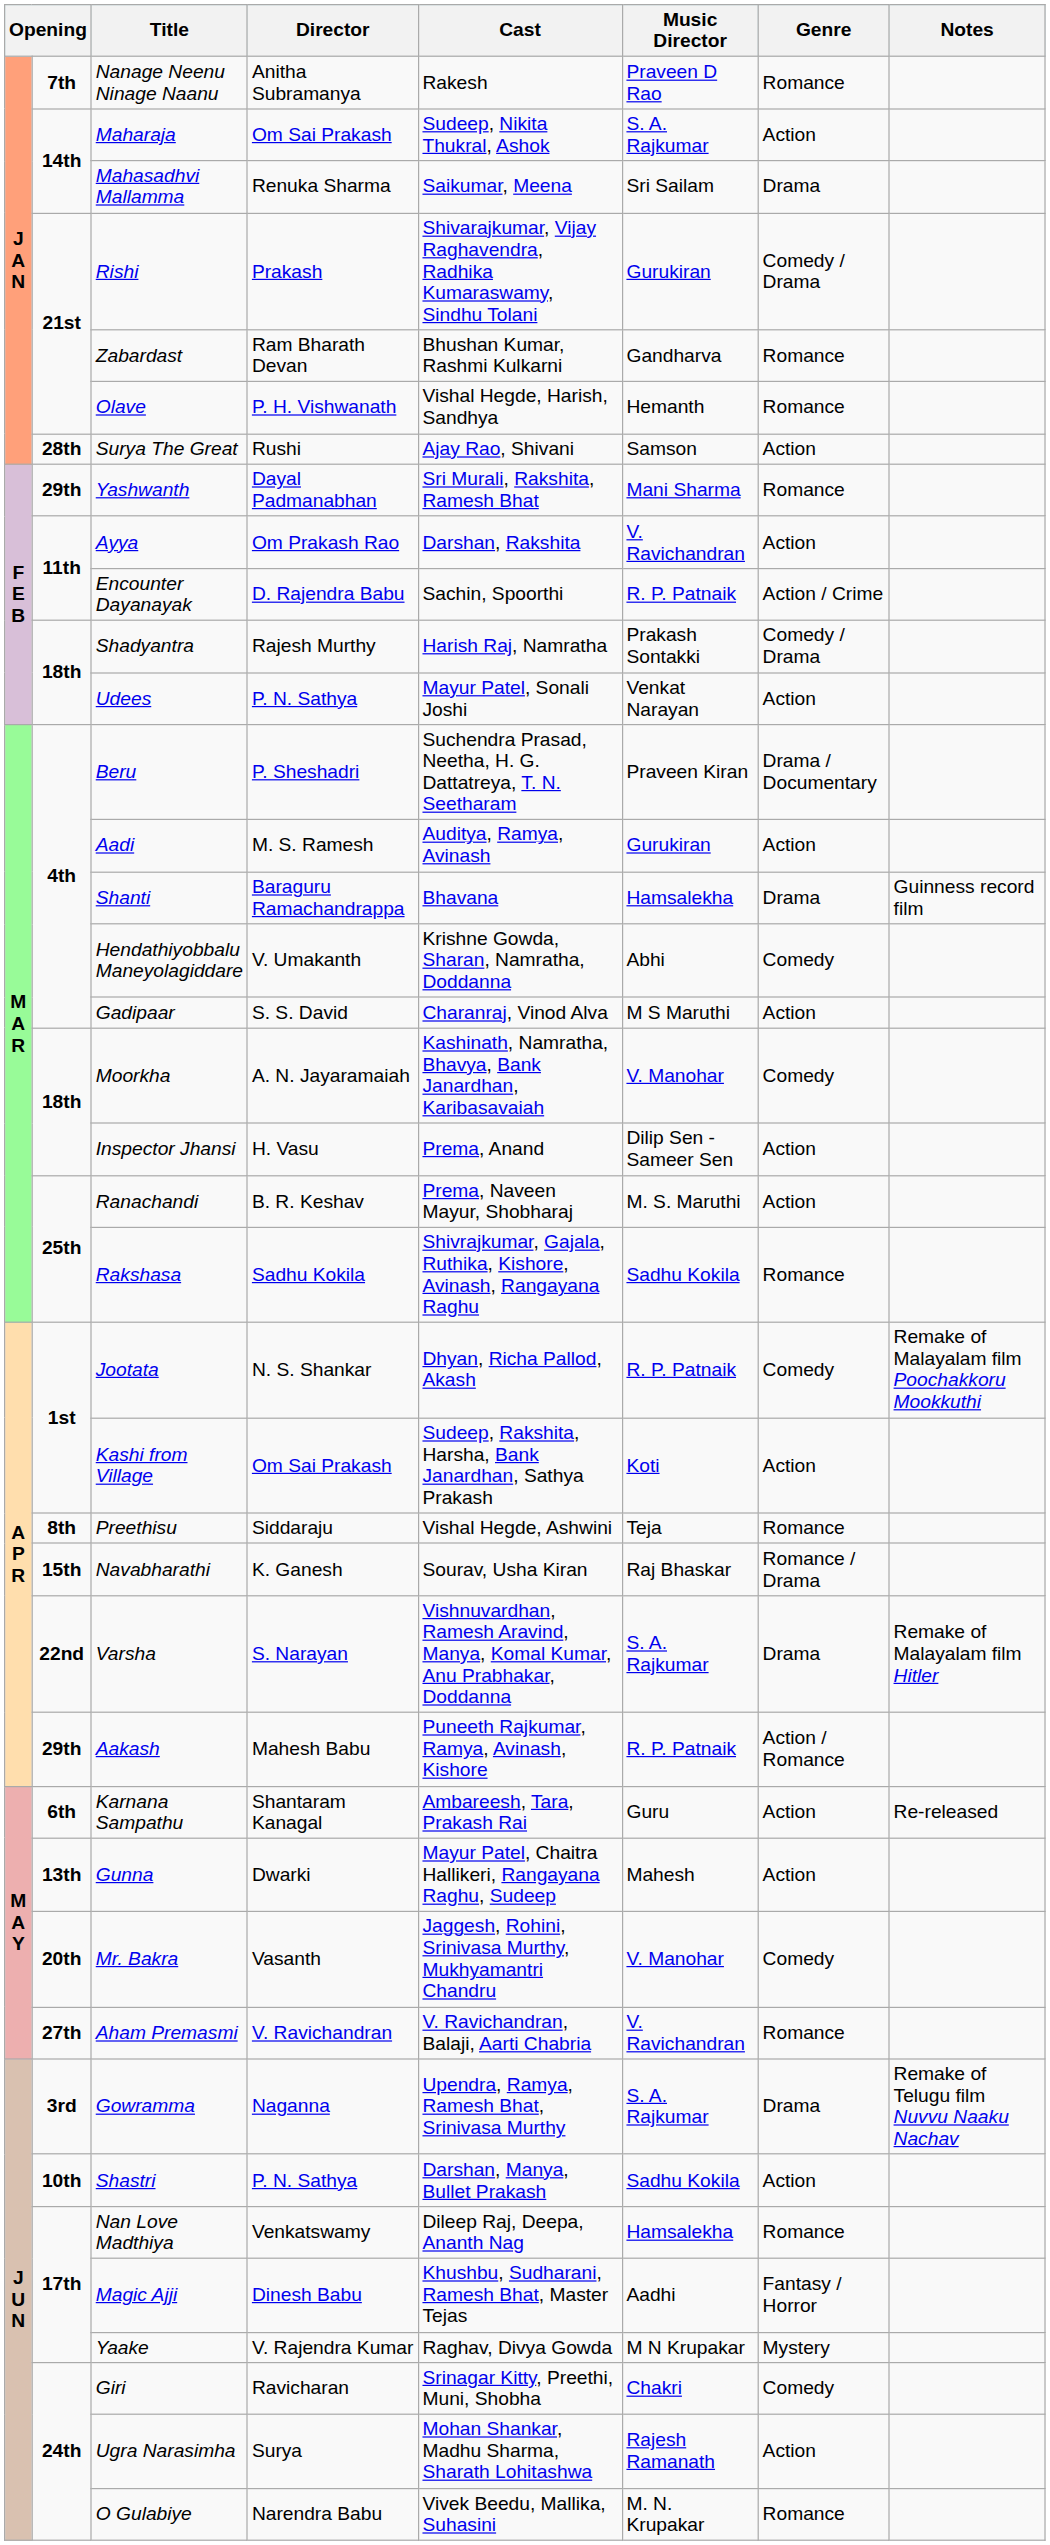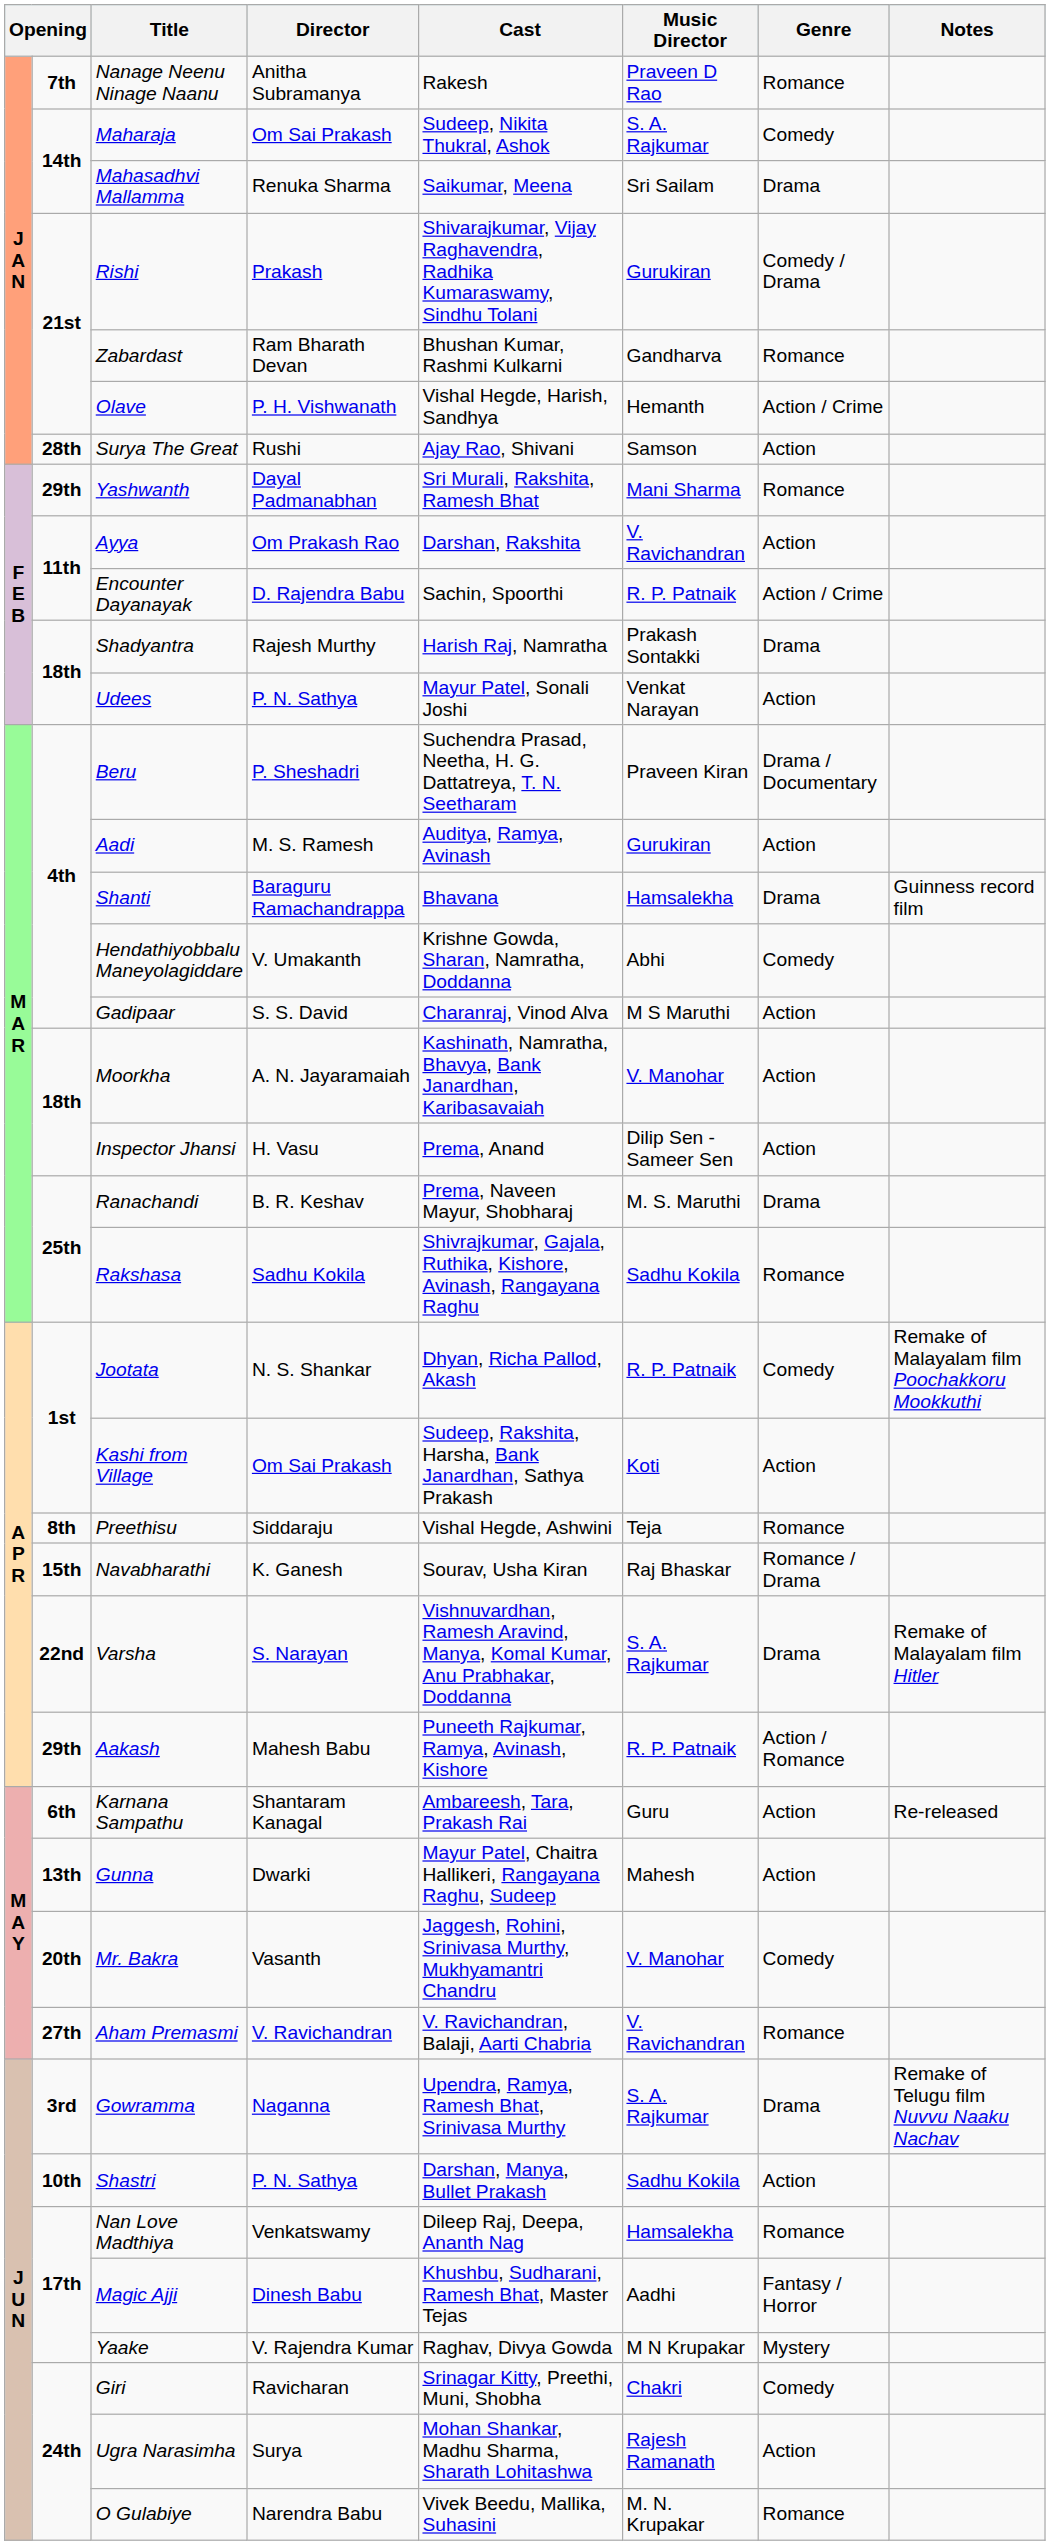 <table class="wikitable">
 <tr style="background:#b0e0e6; text-align:center;">
 <th colspan="2"><strong>Opening</strong></th>
 <th style="width:13%;"><strong>Title</strong></th>
 <th><strong>Director</strong></th>
 <th><strong>Cast</strong></th>
 <th><strong>Music Director</strong></th>
 <th><strong>Genre</strong></th>
 <th><strong>Notes</strong></th>
 </tr>
 <tr January!>
 <td rowspan="7"   style="text-align:center; background:#ffa07a; textcolor:#000;"><strong>J<br>A<br>N</strong></td>
 <td style="text-align:center;"><strong>7th</strong></td>
 <td><em>Nanage Neenu Ninage Naanu</em></td>
 <td>Anitha Subramanya</td>
 <td>Rakesh</td>
 <td><a href='#'>Praveen D Rao</a></td>
 <td>Romance</td>
 <td></td>
 </tr>
 <tr>
 <td rowspan="2" style="text-align:center;"><strong>14th</strong></td>
 <td><em><a href='#'>Maharaja</a></em></td>
 <td><a href='#'>Om Sai Prakash</a></td>
 <td><a href='#'>Sudeep</a>, <a href='#'>Nikita Thukral</a>, <a href='#'>Ashok</a></td>
 <td><a href='#'>S. A. Rajkumar</a></td>
-<td>Action</td>
+<td>Comedy</td>
 <td></td>
 </tr>
 <tr>
 <td><em><a href='#'>Mahasadhvi Mallamma</a></em></td>
 <td>Renuka Sharma</td>
 <td><a href='#'>Saikumar</a>, <a href='#'>Meena</a></td>
 <td>Sri Sailam</td>
 <td>Drama</td>
 <td></td>
 </tr>
 <tr>
 <td rowspan="3" style="text-align:center;"><strong>21st</strong></td>
 <td><em><a href='#'>Rishi</a></em></td>
 <td><a href='#'>Prakash</a></td>
 <td><a href='#'>Shivarajkumar</a>, <a href='#'>Vijay Raghavendra</a>, <a href='#'>Radhika Kumaraswamy</a>, <a href='#'>Sindhu Tolani</a></td>
 <td><a href='#'>Gurukiran</a></td>
 <td>Comedy / Drama</td>
 <td></td>
 </tr>
 <tr>
 <td><em>Zabardast</em></td>
 <td>Ram Bharath Devan</td>
 <td>Bhushan Kumar, Rashmi Kulkarni</td>
 <td>Gandharva</td>
 <td>Romance</td>
 <td></td>
 </tr>
 <tr>
 <td><em><a href='#'>Olave</a></em></td>
 <td><a href='#'>P. H. Vishwanath</a></td>
 <td>Vishal Hegde, Harish, Sandhya</td>
 <td>Hemanth</td>
-<td>Romance</td>
+<td>Action / Crime</td>
 <td></td>
 </tr>
 <tr>
 <td style="text-align:center;"><strong>28th</strong></td>
 <td><em>Surya The Great</em></td>
 <td>Rushi</td>
 <td><a href='#'>Ajay Rao</a>, Shivani</td>
 <td>Samson</td>
 <td>Action</td>
 <td></td>
 </tr>
 <tr February!>
 <td rowspan="5"   style="text-align:center; background:thistle; textcolor:#000;"><strong>F<br>E<br>B</strong></td>
 <td style="text-align:center;"><strong>29th</strong></td>
 <td><em><a href='#'>Yashwanth</a></em></td>
 <td><a href='#'>Dayal Padmanabhan</a></td>
 <td><a href='#'>Sri Murali</a>, <a href='#'>Rakshita</a>, <a href='#'>Ramesh Bhat</a></td>
 <td><a href='#'>Mani Sharma</a></td>
 <td>Romance</td>
 <td></td>
 </tr>
 <tr>
 <td rowspan="2" style="text-align:center;"><strong>11th</strong></td>
 <td><em><a href='#'>Ayya</a></em></td>
 <td><a href='#'>Om Prakash Rao</a></td>
 <td><a href='#'>Darshan</a>, <a href='#'>Rakshita</a></td>
 <td><a href='#'>V. Ravichandran</a></td>
 <td>Action</td>
 <td></td>
 </tr>
 <tr>
 <td><em>Encounter Dayanayak</em></td>
 <td><a href='#'>D. Rajendra Babu</a></td>
 <td>Sachin, Spoorthi</td>
 <td><a href='#'>R. P. Patnaik</a></td>
 <td>Action / Crime</td>
 <td></td>
 </tr>
 <tr>
 <td rowspan="2" style="text-align:center;"><strong>18th</strong></td>
 <td><em>Shadyantra</em></td>
 <td>Rajesh Murthy</td>
 <td><a href='#'>Harish Raj</a>, Namratha</td>
 <td>Prakash Sontakki</td>
-<td>Comedy / Drama</td>
+<td>Drama</td>
 <td></td>
 </tr>
 <tr>
 <td><em><a href='#'>Udees</a></em></td>
 <td><a href='#'>P. N. Sathya</a></td>
 <td><a href='#'>Mayur Patel</a>, Sonali Joshi</td>
 <td>Venkat Narayan</td>
 <td>Action</td>
 <td></td>
 </tr>
 <tr March!>
 <td rowspan="9"   style="text-align:center; background:#98fb98; textcolor:#000;"><strong>M<br>A<br>R</strong></td>
 <td rowspan="5" style="text-align:center;"><strong>4th</strong></td>
 <td><em><a href='#'>Beru</a></em></td>
 <td><a href='#'>P. Sheshadri</a></td>
 <td>Suchendra Prasad, Neetha, H. G. Dattatreya, <a href='#'>T. N. Seetharam</a></td>
 <td>Praveen Kiran</td>
 <td>Drama / Documentary</td>
 <td></td>
 </tr>
 <tr>
 <td><em><a href='#'>Aadi</a></em></td>
 <td>M. S. Ramesh</td>
 <td><a href='#'>Auditya</a>, <a href='#'>Ramya</a>, <a href='#'>Avinash</a></td>
 <td><a href='#'>Gurukiran</a></td>
 <td>Action</td>
 <td></td>
 </tr>
 <tr>
 <td><em><a href='#'>Shanti</a></em></td>
 <td><a href='#'>Baraguru Ramachandrappa</a></td>
 <td><a href='#'>Bhavana</a></td>
 <td><a href='#'>Hamsalekha</a></td>
 <td>Drama</td>
 <td>Guinness record film</td>
 </tr>
 <tr>
 <td><em>Hendathiyobbalu Maneyolagiddare</em></td>
 <td>V. Umakanth</td>
 <td>Krishne Gowda, <a href='#'>Sharan</a>, Namratha, <a href='#'>Doddanna</a></td>
 <td>Abhi</td>
 <td>Comedy</td>
 <td></td>
 </tr>
 <tr>
 <td><em>Gadipaar</em></td>
 <td>S. S. David</td>
 <td><a href='#'>Charanraj</a>, Vinod Alva</td>
 <td>M S Maruthi</td>
 <td>Action</td>
 <td></td>
 </tr>
 <tr>
 <td rowspan="2" style="text-align:center;"><strong>18th</strong></td>
 <td><em>Moorkha</em></td>
 <td>A. N. Jayaramaiah</td>
 <td><a href='#'>Kashinath</a>, Namratha, <a href='#'>Bhavya</a>, <a href='#'>Bank Janardhan</a>, <a href='#'>Karibasavaiah</a></td>
 <td><a href='#'>V. Manohar</a></td>
-<td>Comedy</td>
+<td>Action</td>
 <td></td>
 </tr>
 <tr>
 <td><em>Inspector Jhansi</em></td>
 <td>H. Vasu</td>
 <td><a href='#'>Prema</a>, Anand</td>
 <td>Dilip Sen - Sameer Sen</td>
 <td>Action</td>
 <td></td>
 </tr>
 <tr>
 <td rowspan="2" style="text-align:center;"><strong>25th</strong></td>
 <td><em>Ranachandi</em></td>
 <td>B. R. Keshav</td>
 <td><a href='#'>Prema</a>, Naveen Mayur, Shobharaj</td>
 <td>M. S. Maruthi</td>
-<td>Action</td>
+<td>Drama</td>
 <td></td>
 </tr>
 <tr>
 <td><em><a href='#'>Rakshasa</a></em></td>
 <td><a href='#'>Sadhu Kokila</a></td>
 <td><a href='#'>Shivrajkumar</a>, <a href='#'>Gajala</a>, <a href='#'>Ruthika</a>, <a href='#'>Kishore</a>, <a href='#'>Avinash</a>, <a href='#'>Rangayana Raghu</a></td>
 <td><a href='#'>Sadhu Kokila</a></td>
 <td>Romance</td>
 <td></td>
 </tr>
 <tr April!>
 <td rowspan="6"   style="text-align:center; background:#ffdead; textcolor:#000;"><strong>A<br>P<br>R</strong></td>
 <td rowspan="2" style="text-align:center;"><strong>1st</strong></td>
 <td><em><a href='#'>Jootata</a></em></td>
 <td>N. S. Shankar</td>
 <td><a href='#'>Dhyan</a>, <a href='#'>Richa Pallod</a>, <a href='#'>Akash</a></td>
 <td><a href='#'>R. P. Patnaik</a></td>
 <td>Comedy</td>
 <td>Remake of Malayalam film <em><a href='#'>Poochakkoru Mookkuthi</a></em> </td>
 </tr>
 <tr>
 <td><em><a href='#'>Kashi from Village</a></em></td>
 <td><a href='#'>Om Sai Prakash</a></td>
 <td><a href='#'>Sudeep</a>, <a href='#'>Rakshita</a>, Harsha, <a href='#'>Bank Janardhan</a>, Sathya Prakash</td>
 <td><a href='#'>Koti</a></td>
 <td>Action</td>
 <td></td>
 </tr>
 <tr>
 <td style="text-align:center;"><strong>8th</strong></td>
 <td><em>Preethisu</em></td>
 <td>Siddaraju</td>
 <td>Vishal Hegde, Ashwini</td>
 <td>Teja</td>
 <td>Romance</td>
 <td></td>
 </tr>
 <tr>
 <td style="text-align:center;"><strong>15th</strong></td>
 <td><em>Navabharathi</em></td>
 <td>K. Ganesh</td>
 <td>Sourav, Usha Kiran</td>
 <td>Raj Bhaskar</td>
 <td>Romance / Drama</td>
 <td></td>
 </tr>
 <tr>
 <td style="text-align:center;"><strong>22nd</strong></td>
 <td><em>Varsha </em></td>
 <td><a href='#'>S. Narayan</a></td>
 <td><a href='#'>Vishnuvardhan</a>, <a href='#'>Ramesh Aravind</a>, <a href='#'>Manya</a>, <a href='#'>Komal Kumar</a>, <a href='#'>Anu Prabhakar</a>, <a href='#'>Doddanna</a></td>
 <td><a href='#'>S. A. Rajkumar</a></td>
 <td>Drama</td>
 <td>Remake of Malayalam film <em><a href='#'>Hitler</a></em> </td>
 </tr>
 <tr>
 <td style="text-align:center;"><strong>29th</strong></td>
 <td><em><a href='#'>Aakash</a></em></td>
 <td>Mahesh Babu</td>
 <td><a href='#'>Puneeth Rajkumar</a>, <a href='#'>Ramya</a>, <a href='#'>Avinash</a>, <a href='#'>Kishore</a></td>
 <td><a href='#'>R. P. Patnaik</a></td>
 <td>Action / Romance</td>
 <td></td>
 </tr>
 <tr May!>
 <td rowspan="4"   style="text-align:center; background:#edafaf; textcolor:#000;"><strong>M<br>A<br>Y</strong></td>
 <td style="text-align:center;"><strong>6th</strong></td>
 <td><em>Karnana Sampathu</em></td>
 <td>Shantaram Kanagal</td>
 <td><a href='#'>Ambareesh</a>, <a href='#'>Tara</a>, <a href='#'>Prakash Rai</a></td>
 <td>Guru</td>
 <td>Action</td>
 <td>Re-released</td>
 </tr>
 <tr>
 <td style="text-align:center;"><strong>13th</strong></td>
 <td><em><a href='#'>Gunna</a></em></td>
 <td>Dwarki</td>
 <td><a href='#'>Mayur Patel</a>, Chaitra Hallikeri, <a href='#'>Rangayana Raghu</a>, <a href='#'>Sudeep</a></td>
 <td>Mahesh</td>
 <td>Action</td>
 <td></td>
 </tr>
 <tr>
 <td style="text-align:center;"><strong>20th</strong></td>
 <td><em><a href='#'>Mr. Bakra</a></em></td>
 <td>Vasanth</td>
 <td><a href='#'>Jaggesh</a>, <a href='#'>Rohini</a>, <a href='#'>Srinivasa Murthy</a>, <a href='#'>Mukhyamantri Chandru</a></td>
 <td><a href='#'>V. Manohar</a></td>
 <td>Comedy</td>
 <td></td>
 </tr>
 <tr>
 <td style="text-align:center;"><strong>27th</strong></td>
 <td><em><a href='#'>Aham Premasmi</a></em></td>
 <td><a href='#'>V. Ravichandran</a></td>
 <td><a href='#'>V. Ravichandran</a>, Balaji, <a href='#'>Aarti Chabria</a></td>
 <td><a href='#'>V. Ravichandran</a></td>
 <td>Romance</td>
 <td></td>
 </tr>
 <tr June!>
 <td rowspan="8"   style="text-align:center; background:#d9c1b0; textcolor:#000;"><strong>J<br>U<br>N</strong></td>
 <td style="text-align:center;"><strong>3rd</strong></td>
 <td><em><a href='#'>Gowramma</a></em></td>
 <td><a href='#'>Naganna</a></td>
 <td><a href='#'>Upendra</a>, <a href='#'>Ramya</a>, <a href='#'>Ramesh Bhat</a>, <a href='#'>Srinivasa Murthy</a></td>
 <td><a href='#'>S. A. Rajkumar</a></td>
 <td>Drama</td>
 <td>Remake of Telugu film <em><a href='#'>Nuvvu Naaku Nachav</a></em></td>
 </tr>
 <tr>
 <td style="text-align:center;"><strong>10th</strong></td>
 <td><em><a href='#'>Shastri</a></em></td>
 <td><a href='#'>P. N. Sathya</a></td>
 <td><a href='#'>Darshan</a>, <a href='#'>Manya</a>, <a href='#'>Bullet Prakash</a></td>
 <td><a href='#'>Sadhu Kokila</a></td>
 <td>Action</td>
 <td></td>
 </tr>
 <tr>
 <td rowspan="3" style="text-align:center;"><strong>17th</strong></td>
 <td><em>Nan Love Madthiya</em></td>
 <td>Venkatswamy</td>
 <td>Dileep Raj, Deepa, <a href='#'>Ananth Nag</a></td>
 <td><a href='#'>Hamsalekha</a></td>
 <td>Romance</td>
 <td></td>
 </tr>
 <tr>
 <td><em><a href='#'>Magic Ajji</a></em></td>
 <td><a href='#'>Dinesh Babu</a></td>
 <td><a href='#'>Khushbu</a>, <a href='#'>Sudharani</a>, <a href='#'>Ramesh Bhat</a>, Master Tejas</td>
 <td>Aadhi</td>
 <td>Fantasy / Horror</td>
 <td></td>
 </tr>
 <tr>
 <td><em>Yaake</em></td>
 <td>V. Rajendra Kumar</td>
 <td>Raghav, Divya Gowda</td>
 <td>M N Krupakar</td>
 <td>Mystery</td>
 <td></td>
 </tr>
 <tr>
 <td rowspan="3" style="text-align:center;"><strong>24th</strong></td>
 <td><em>Giri</em></td>
 <td>Ravicharan</td>
 <td><a href='#'>Srinagar Kitty</a>, Preethi, Muni, Shobha</td>
 <td><a href='#'>Chakri</a></td>
 <td>Comedy</td>
 <td></td>
 </tr>
 <tr>
 <td><em>Ugra Narasimha</em></td>
 <td>Surya</td>
 <td><a href='#'>Mohan Shankar</a>, Madhu Sharma, <a href='#'>Sharath Lohitashwa</a></td>
 <td><a href='#'>Rajesh Ramanath</a></td>
 <td>Action</td>
 <td></td>
 </tr>
 <tr>
 <td><em>O Gulabiye</em></td>
 <td>Narendra Babu</td>
 <td>Vivek Beedu, Mallika, <a href='#'>Suhasini</a></td>
 <td>M. N. Krupakar</td>
 <td>Romance</td>
 <td></td>
 </tr>
 </table>
